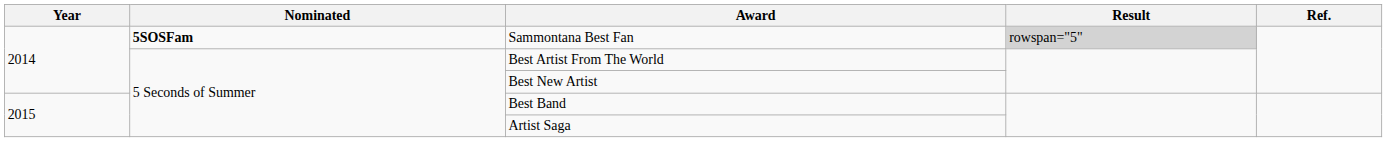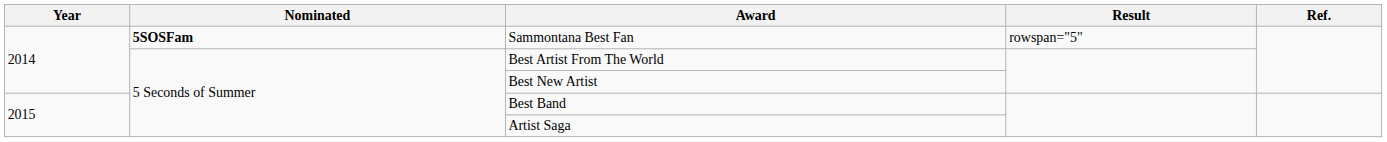 <table class="wikitable" style="width:100%;">
 <tr>
 <th width=5%>Year</th>
 <th style="width:15%;">Nominated</th>
 <th style="width:20%;">Award</th>
 <th style="width:10%;">Result</th>
 <th style="width:5%;">Ref.</th>
 </tr>
 <tr>
 <td rowspan="3">2014</td>
 <td><strong>5SOSFam</strong></td>
 <td>Sammontana Best Fan</td>
-<td style="background: lightgrey;">rowspan="5" </td>
+<td>rowspan="5" </td>
 <td rowspan="3"></td>
 </tr>
 <tr>
 <td rowspan="4">5 Seconds of Summer</td>
 <td>Best Artist From The World</td>
 </tr>
 <tr>
 <td>Best New Artist</td>
 </tr>
 <tr>
 <td rowspan="2">2015</td>
 <td>Best Band</td>
 <td rowspan="2"></td>
 </tr>
 <tr>
 <td>Artist Saga</td>
 </tr>
 </table>
